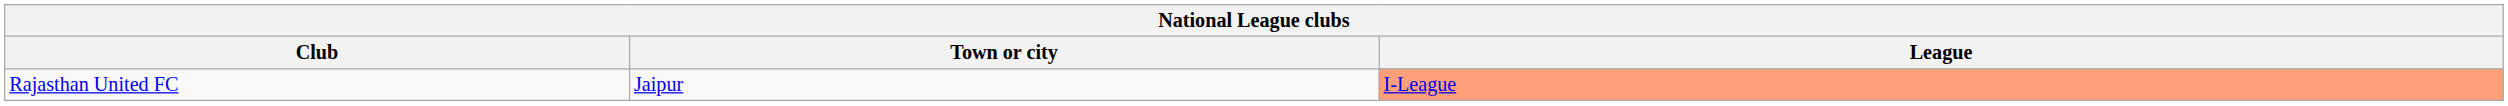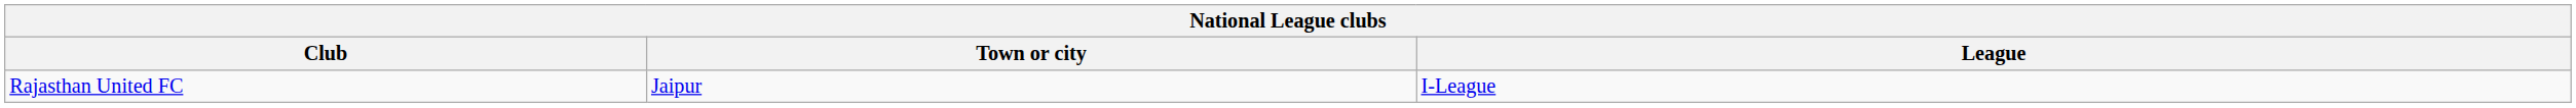 <table class="wikitable sortable" width="100%">
 <tr>
 <th colspan="3">National League clubs</th>
 </tr>
 <tr>
 <th !width="25%">Club</th>
 <th width="30%">Town or city</th>
 <th width="45%">League</th>
 </tr>
 <tr |>
 <td><a href='#'>Rajasthan United FC</a></td>
 <td><a href='#'>Jaipur</a></td>
-<td style="background: lightsalmon;"><a href='#'>I-League</a></td>
+<td><a href='#'>I-League</a></td>
 </tr>
 </table>
